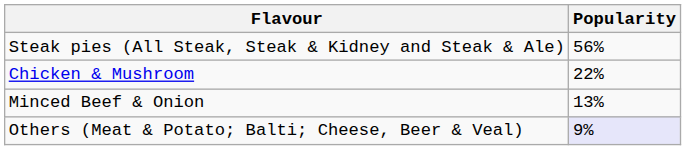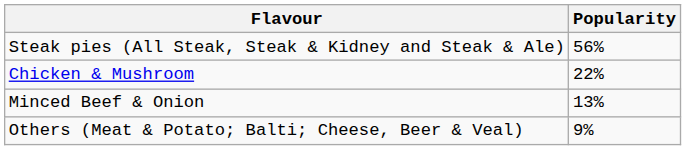 <table class="wikitable">
 <tr>
 <th>Flavour</th>
 <th>Popularity</th>
 </tr>
 <tr>
 <td>Steak pies (All Steak, Steak & Kidney and Steak & Ale)</td>
 <td>56%</td>
 </tr>
 <tr>
 <td><a href='#'>Chicken & Mushroom</a></td>
 <td>22%</td>
 </tr>
 <tr>
 <td>Minced Beef & Onion</td>
 <td>13%</td>
 </tr>
 <tr>
 <td>Others (Meat & Potato; Balti; Cheese, Beer & Veal)</td>
-<td style="background: lavender;">9%</td>
+<td>9%</td>
 </tr>
 </table>
